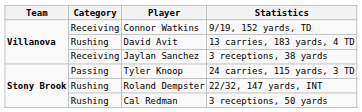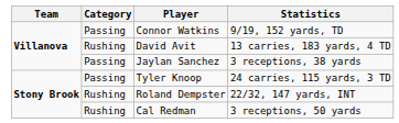 <table class="wikitable" style="float: right;">
 <tr>
 <th>Team</th>
 <th>Category</th>
 <th>Player</th>
 <th>Statistics</th>
 </tr>
 <tr>
 <td rowspan=3><strong>Villanova</strong></td>
-<td>Receiving</td>
+<td>Passing</td>
 <td>Connor Watkins</td>
 <td>9/19, 152 yards, TD</td>
 </tr>
 <tr>
 <td>Rushing</td>
 <td>David Avit</td>
 <td>13 carries, 183 yards, 4 TD</td>
 </tr>
 <tr>
-<td>Receiving</td>
+<td>Passing</td>
 <td>Jaylan Sanchez</td>
 <td>3 receptions, 38 yards</td>
 </tr>
 <tr>
 <td rowspan=3><strong>Stony Brook</strong></td>
 <td>Passing</td>
 <td>Tyler Knoop</td>
 <td>24 carries, 115 yards, 3 TD</td>
 </tr>
 <tr>
 <td>Rushing</td>
 <td>Roland Dempster</td>
 <td>22/32, 147 yards, INT</td>
 </tr>
 <tr>
 <td>Rushing</td>
 <td>Cal Redman</td>
 <td>3 receptions, 50 yards</td>
 </tr>
 </table>
